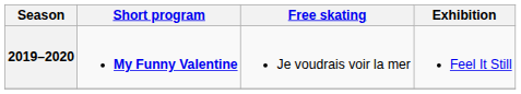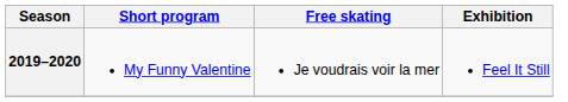 <table class="wikitable" style="text-align:center">
 <tr>
 <th>Season</th>
 <th><a href='#'>Short program</a></th>
 <th><a href='#'>Free skating</a></th>
 <th>Exhibition</th>
 </tr>
 <tr>
 <th>2019–2020 <br> </th>
-<td><strong><br><ul><li><a href='#'>My Funny Valentine</a> <br> </li></ul></strong></td>
+<td><br><ul><li><a href='#'>My Funny Valentine</a> <br> </li></ul></td>
 <td><br><ul><li>Je voudrais voir la mer <br></li></ul></td>
 <td><br><ul><li><a href='#'>Feel It Still</a> <br></li></ul></td>
 </tr>
 <tr>
 </tr>
 </table>
